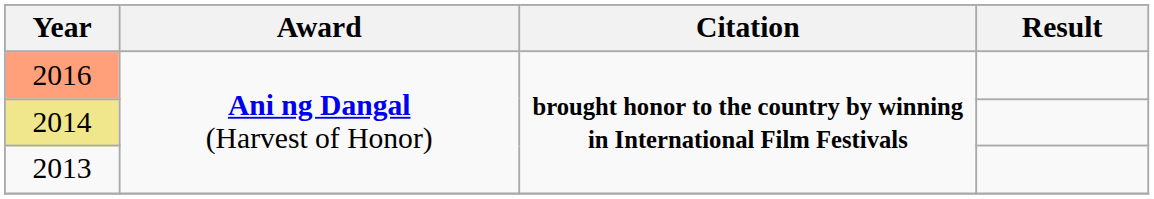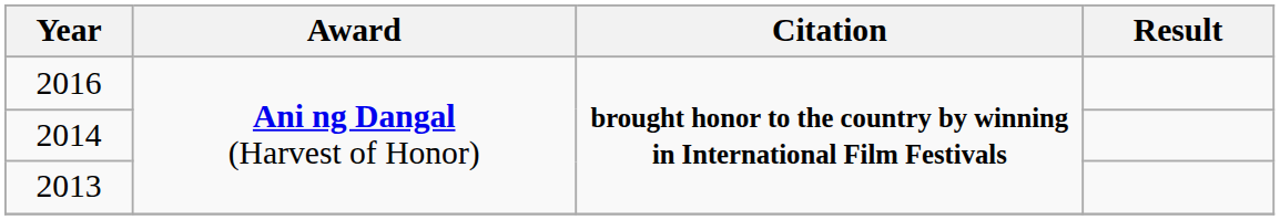 <table width="70%" class="wikitable sortable">
 <tr>
 <th width="10%">Year</th>
 <th width="35%">Award</th>
 <th width="40%">Citation</th>
 <th width="15%">Result</th>
 </tr>
 <tr>
-<td align="center" style="background: lightsalmon;">2016</td>
+<td align="center">2016</td>
 <td rowspan="3" align="center"><strong><a href='#'>Ani ng Dangal</a></strong><br> (Harvest of Honor)</td>
 <td rowspan="3" align="center"><strong><small>brought honor to the country by winning in International Film Festivals</small></strong></td>
 <td></td>
 </tr>
 <tr>
-<td align="center" style="background: khaki;">2014</td>
+<td align="center">2014</td>
 <td></td>
 </tr>
 <tr>
 <td align="center">2013</td>
 <td></td>
 </tr>
 <tr>
 </tr>
 </table>
